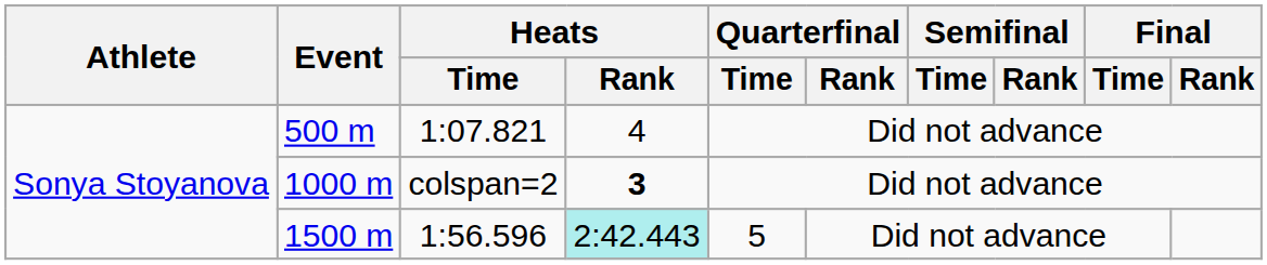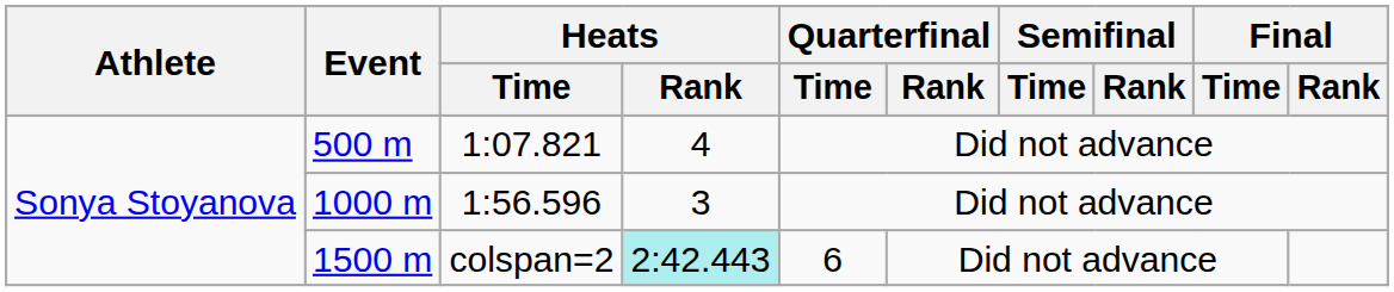 <table class="wikitable" style="font-size:90%">
 <tr>
 <th rowspan=2>Athlete</th>
 <th rowspan=2>Event</th>
 <th colspan=2>Heats</th>
 <th colspan=2>Quarterfinal</th>
 <th colspan=2>Semifinal</th>
 <th colspan=2>Final</th>
 </tr>
 <tr style="font-size:95%">
 <th>Time</th>
 <th>Rank</th>
 <th>Time</th>
 <th>Rank</th>
 <th>Time</th>
 <th>Rank</th>
 <th>Time</th>
 <th>Rank</th>
 </tr>
 <tr align=center>
 <td align=left rowspan=3><a href='#'>Sonya Stoyanova</a></td>
 <td align=left><a href='#'>500 m</a></td>
 <td>1:07.821</td>
 <td>4</td>
 <td colspan=6>Did not advance</td>
 </tr>
 <tr align=center>
 <td align=left><a href='#'>1000 m</a></td>
-<td>colspan=2</td>
-<td><strong>3</strong></td>
+<td>1:56.596</td>
+<td>3</td>
 <td colspan=6>Did not advance</td>
 </tr>
 <tr align=center>
 <td align=left><a href='#'>1500 m</a></td>
-<td>1:56.596</td>
+<td>colspan=2</td>
 <td style="background: paleturquoise;">2:42.443</td>
-<td>5</td>
+<td>6</td>
 <td colspan=4>Did not advance</td>
 </tr>
 </table>
